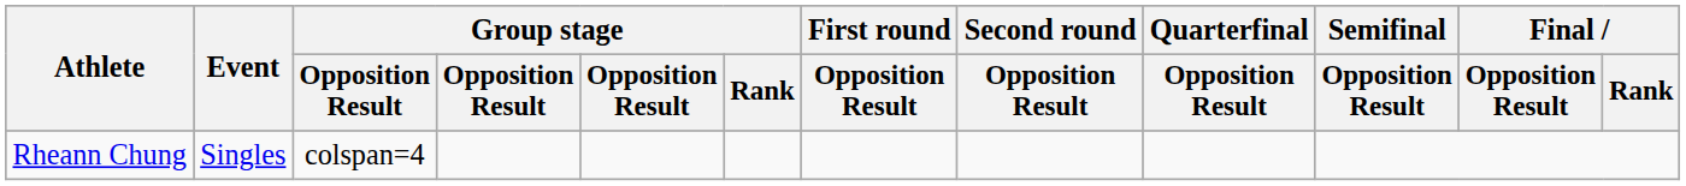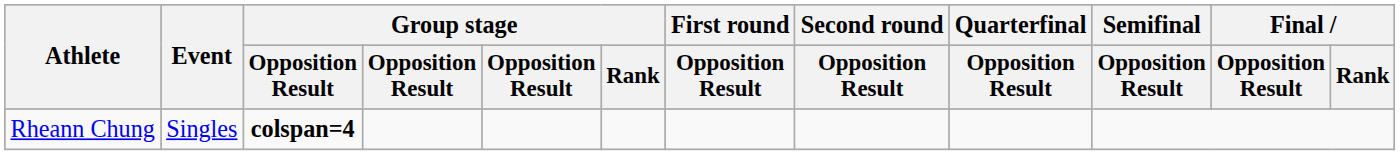 <table class=wikitable style=font-size:90%;text-align:center>
 <tr>
 <th rowspan=2>Athlete</th>
 <th rowspan=2>Event</th>
 <th colspan=4>Group stage</th>
 <th>First round</th>
 <th>Second round</th>
 <th>Quarterfinal</th>
 <th>Semifinal</th>
 <th colspan=2>Final / </th>
 </tr>
 <tr style=font-size:95%>
 <th>Opposition<br>Result</th>
 <th>Opposition<br>Result</th>
 <th>Opposition<br>Result</th>
 <th>Rank</th>
 <th>Opposition<br>Result</th>
 <th>Opposition<br>Result</th>
 <th>Opposition<br>Result</th>
 <th>Opposition<br>Result</th>
 <th>Opposition<br>Result</th>
 <th>Rank</th>
 </tr>
 <tr>
 <td align=left><a href='#'>Rheann Chung</a></td>
 <td align=left rowspan=2><a href='#'>Singles</a></td>
-<td>colspan=4 </td>
+<td><strong>colspan=4 </strong></td>
 <td></td>
 <td></td>
 <td></td>
 <td></td>
 <td></td>
 <td></td>
 </tr>
 </table>
